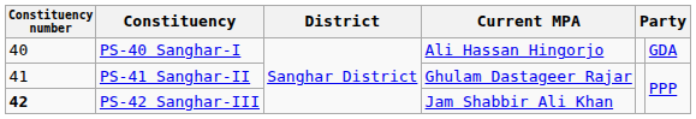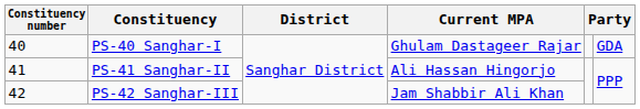 <table class="wikitable">
 <tr>
 <th width="50px" style="font-size:75%">Constituency number</th>
 <th>Constituency</th>
 <th>District</th>
 <th>Current MPA</th>
 <th colspan="2">Party</th>
 </tr>
 <tr>
 <td>40</td>
 <td><a href='#'>PS-40 Sanghar-I</a></td>
 <td rowspan="3"><a href='#'>Sanghar District</a></td>
-<td><a href='#'>Ali Hassan Hingorjo</a></td>
+<td><a href='#'>Ghulam Dastageer Rajar</a></td>
 <td></td>
 <td><a href='#'>GDA</a></td>
 </tr>
 <tr>
 <td>41</td>
 <td><a href='#'>PS-41 Sanghar-II</a></td>
-<td><a href='#'>Ghulam Dastageer Rajar</a></td>
+<td><a href='#'>Ali Hassan Hingorjo</a></td>
 <td rowspan="2"></td>
 <td rowspan="2"><a href='#'>PPP</a></td>
 </tr>
 <tr>
-<td><strong>42</strong></td>
+<td>42</td>
 <td><a href='#'>PS-42 Sanghar-III</a></td>
 <td><a href='#'>Jam Shabbir Ali Khan</a></td>
 </tr>
 <tr>
 </tr>
 </table>
